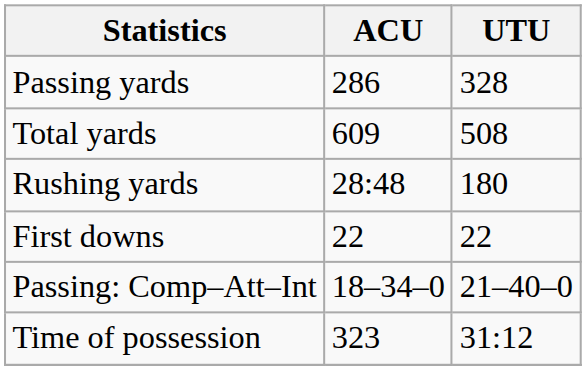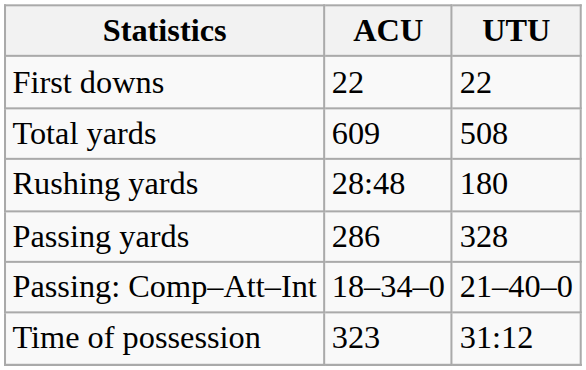 <table class="wikitable" style="float: left;">
 <tr>
 <th>Statistics</th>
 <th>ACU</th>
 <th>UTU</th>
 </tr>
 <tr>
-<td>Passing yards</td>
-<td>286</td>
-<td>328</td>
+<td>First downs</td>
+<td>22</td>
+<td>22</td>
 </tr>
 <tr>
 <td>Total yards</td>
 <td>609</td>
 <td>508</td>
 </tr>
 <tr>
 <td>Rushing yards</td>
 <td>28:48</td>
 <td>180</td>
 </tr>
 <tr>
-<td>First downs</td>
-<td>22</td>
-<td>22</td>
+<td>Passing yards</td>
+<td>286</td>
+<td>328</td>
 </tr>
 <tr>
 <td>Passing: Comp–Att–Int</td>
 <td>18–34–0</td>
 <td>21–40–0</td>
 </tr>
 <tr>
 <td>Time of possession</td>
 <td>323</td>
 <td>31:12</td>
 </tr>
 <tr>
 </tr>
 </table>
